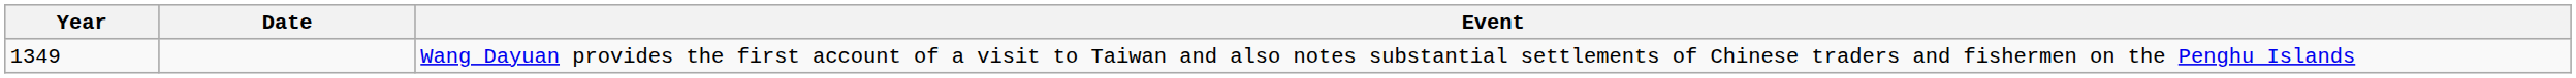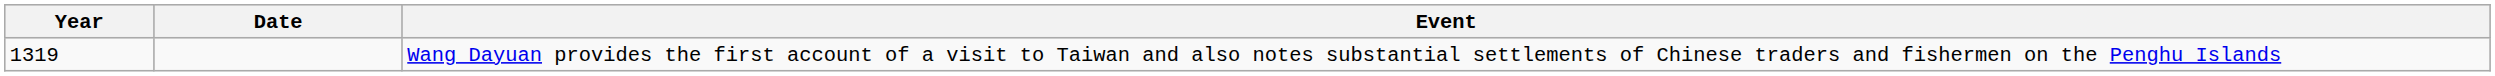 <table class="wikitable" style="width:100%;">
 <tr>
 <th style="width:6%">Year</th>
 <th style="width:10%">Date</th>
 <th>Event</th>
 </tr>
 <tr>
-<td>1349</td>
+<td>1319</td>
 <td></td>
 <td><a href='#'>Wang Dayuan</a> provides the first account of a visit to Taiwan and also notes substantial settlements of Chinese traders and fishermen on the <a href='#'>Penghu Islands</a></td>
 </tr>
 </table>
